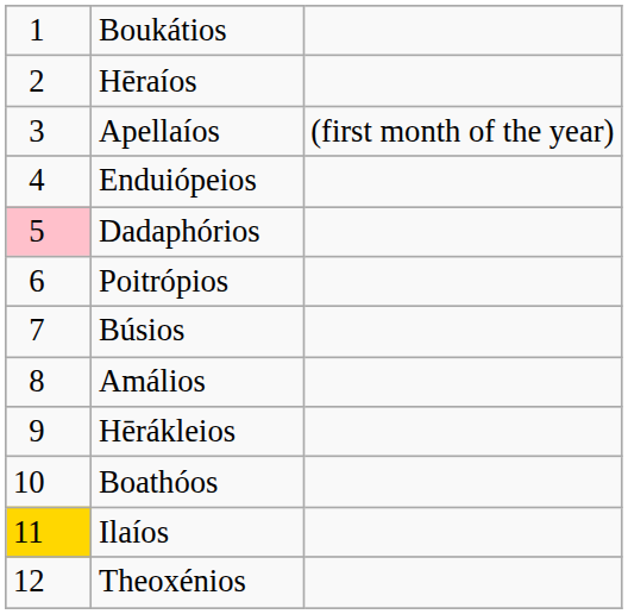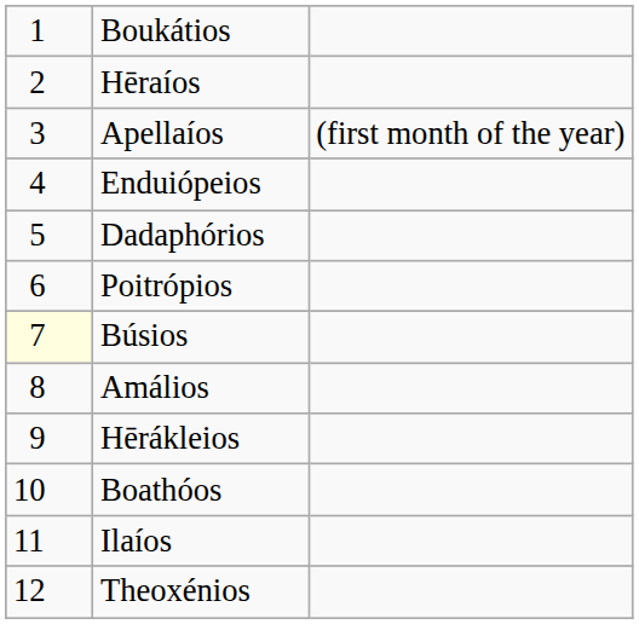 <table class="wikitable">
 <tr>
 <td>  1</td>
 <td>Boukátios</td>
 <td></td>
 </tr>
 <tr>
 <td>  2</td>
 <td>Hēraíos</td>
 <td></td>
 </tr>
 <tr>
 <td>  3</td>
 <td>Apellaíos</td>
 <td> (first month of the year)</td>
 </tr>
 <tr>
 <td>  4  </td>
 <td>Enduiópeios  </td>
 <td></td>
 </tr>
 <tr>
-<td style="background: pink;">  5</td>
+<td>  5</td>
 <td>Dadaphórios</td>
 <td></td>
 </tr>
 <tr>
 <td>  6</td>
 <td>Poitrópios</td>
 <td></td>
 </tr>
 <tr>
-<td>  7</td>
+<td style="background: lightyellow;">  7</td>
 <td>Búsios</td>
 <td></td>
 </tr>
 <tr>
 <td>  8</td>
 <td>Amálios</td>
 <td></td>
 </tr>
 <tr>
 <td>  9</td>
 <td>Hērákleios</td>
 <td></td>
 </tr>
 <tr>
 <td>10</td>
 <td>Boathóos</td>
 <td></td>
 </tr>
 <tr>
-<td style="background: gold;">11</td>
+<td>11</td>
 <td>Ilaíos</td>
 <td></td>
 </tr>
 <tr>
 <td>12</td>
 <td>Theoxénios</td>
 <td></td>
 </tr>
 </table>
